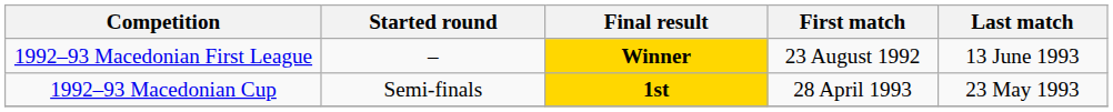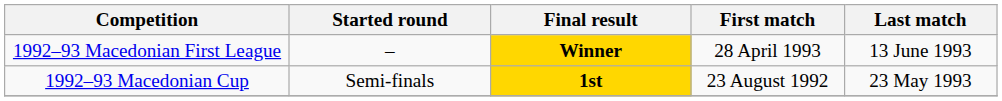 <table class="wikitable" style="text-align: center;">
 <tr>
 <th width="230">Competition</th>
 <th width="160">Started round</th>
 <th width="160">Final result</th>
 <th width="120">First match</th>
 <th width="120">Last match</th>
 </tr>
 <tr>
 <td><a href='#'>1992–93 Macedonian First League</a></td>
 <td>–</td>
 <td bgcolor=gold><strong>Winner</strong></td>
-<td>23 August 1992</td>
+<td>28 April 1993</td>
 <td>13 June 1993</td>
 </tr>
 <tr>
 <td><a href='#'>1992–93 Macedonian Cup</a></td>
 <td>Semi-finals</td>
 <td bgcolor=gold><strong>1st</strong></td>
-<td>28 April 1993</td>
+<td>23 August 1992</td>
 <td>23 May 1993</td>
 </tr>
 <tr>
 </tr>
 </table>
